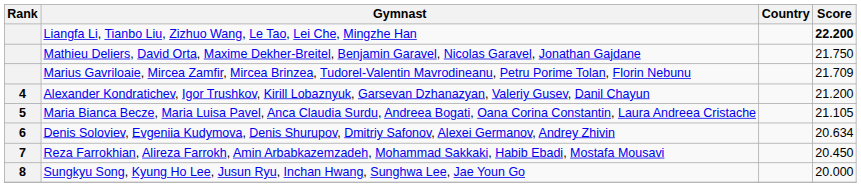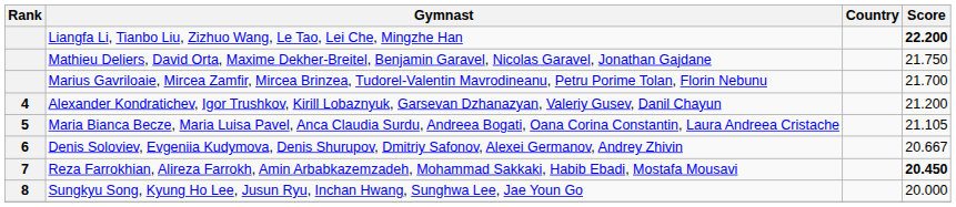 <table class="wikitable sortable">
 <tr>
 <th>Rank</th>
 <th>Gymnast</th>
 <th>Country</th>
 <th>Score</th>
 </tr>
 <tr>
 <th></th>
 <td><a href='#'>Liangfa Li</a>, <a href='#'>Tianbo Liu</a>, <a href='#'>Zizhuo Wang</a>, <a href='#'>Le Tao</a>, <a href='#'>Lei Che</a>, <a href='#'>Mingzhe Han</a></td>
 <td></td>
 <td><strong>22.200</strong></td>
 </tr>
 <tr>
 <th></th>
 <td><a href='#'>Mathieu Deliers</a>, <a href='#'>David Orta</a>, <a href='#'>Maxime Dekher-Breitel</a>, <a href='#'>Benjamin Garavel</a>, <a href='#'>Nicolas Garavel</a>, <a href='#'>Jonathan Gajdane</a></td>
 <td></td>
 <td>21.750</td>
 </tr>
 <tr>
 <th></th>
 <td><a href='#'>Marius Gavriloaie</a>, <a href='#'>Mircea Zamfir</a>, <a href='#'>Mircea Brinzea</a>, <a href='#'>Tudorel-Valentin Mavrodineanu</a>, <a href='#'>Petru Porime Tolan</a>, <a href='#'>Florin Nebunu</a></td>
 <td></td>
-<td>21.709</td>
+<td>21.700</td>
 </tr>
 <tr>
 <th>4</th>
 <td><a href='#'>Alexander Kondratichev</a>, <a href='#'>Igor Trushkov</a>, <a href='#'>Kirill Lobaznyuk</a>, <a href='#'>Garsevan Dzhanazyan</a>, <a href='#'>Valeriy Gusev</a>, <a href='#'>Danil Chayun</a></td>
 <td></td>
 <td>21.200</td>
 </tr>
 <tr>
 <th>5</th>
 <td><a href='#'>Maria Bianca Becze</a>, <a href='#'>Maria Luisa Pavel</a>, <a href='#'>Anca Claudia Surdu</a>, <a href='#'>Andreea Bogati</a>, <a href='#'>Oana Corina Constantin</a>, <a href='#'>Laura Andreea Cristache</a></td>
 <td></td>
 <td>21.105</td>
 </tr>
 <tr>
 <th>6</th>
 <td><a href='#'>Denis Soloviev</a>, <a href='#'>Evgeniia Kudymova</a>, <a href='#'>Denis Shurupov</a>, <a href='#'>Dmitriy Safonov</a>, <a href='#'>Alexei Germanov</a>, <a href='#'>Andrey Zhivin</a></td>
 <td></td>
-<td>20.634</td>
+<td>20.667</td>
 </tr>
 <tr>
 <th>7</th>
 <td><a href='#'>Reza Farrokhian</a>, <a href='#'>Alireza Farrokh</a>, <a href='#'>Amin Arbabkazemzadeh</a>, <a href='#'>Mohammad Sakkaki</a>, <a href='#'>Habib Ebadi</a>, <a href='#'>Mostafa Mousavi</a></td>
 <td></td>
-<td>20.450</td>
+<td><strong>20.450</strong></td>
 </tr>
 <tr>
 <th>8</th>
 <td><a href='#'>Sungkyu Song</a>, <a href='#'>Kyung Ho Lee</a>, <a href='#'>Jusun Ryu</a>, <a href='#'>Inchan Hwang</a>, <a href='#'>Sunghwa Lee</a>, <a href='#'>Jae Youn Go</a></td>
 <td></td>
 <td>20.000</td>
 </tr>
 <tr>
 </tr>
 </table>
